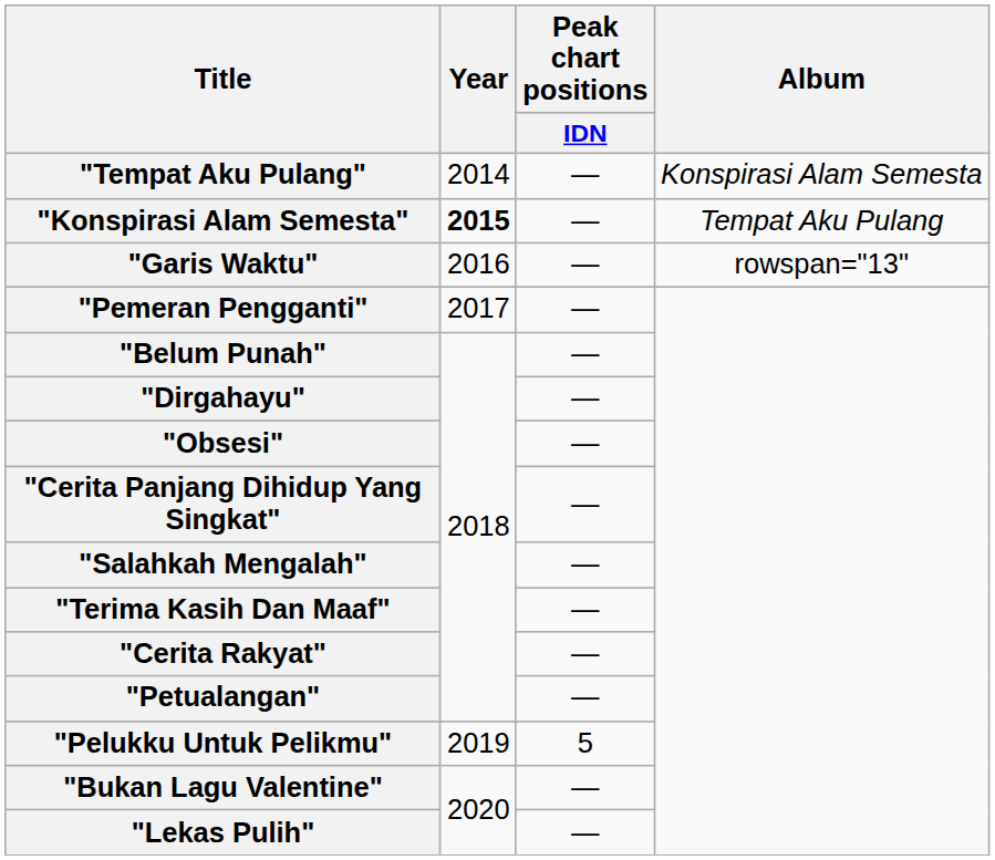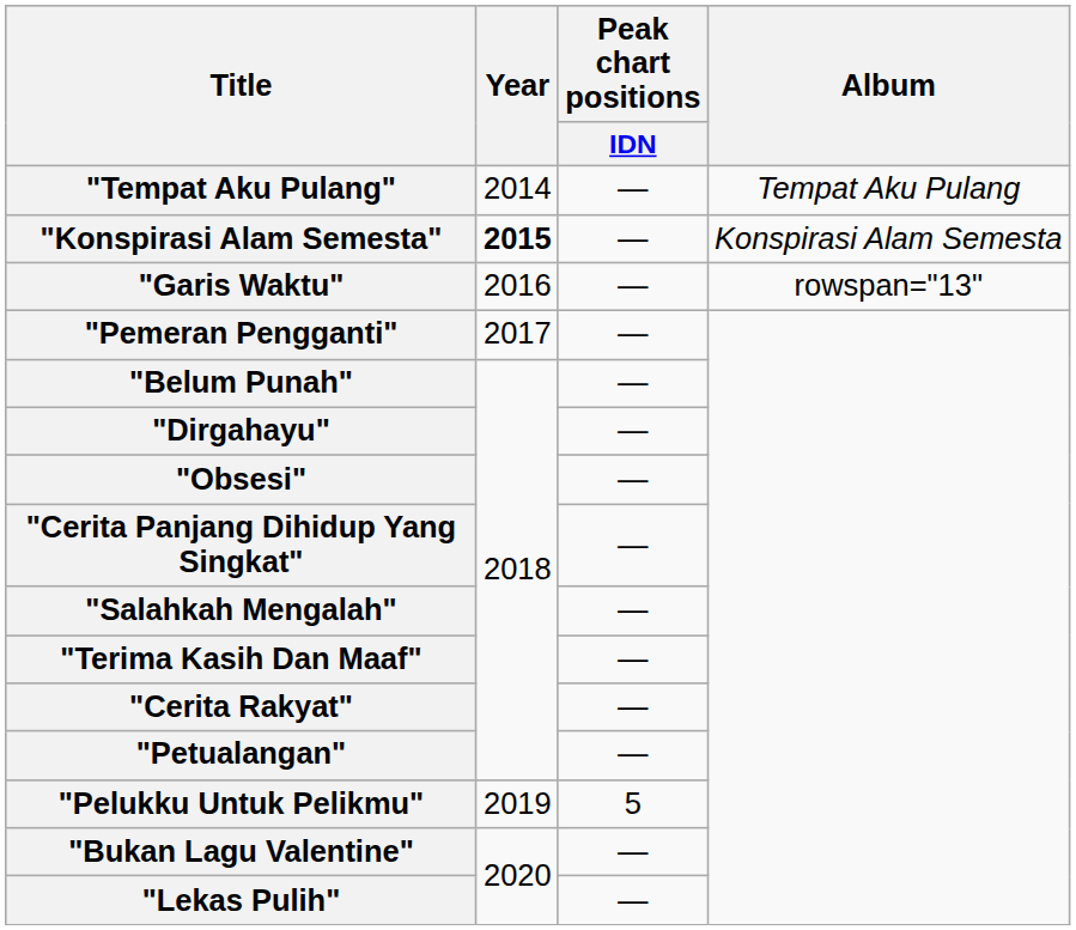 <table class="wikitable plainrowheaders" style="text-align:center;">
 <tr>
 <th scope="col" rowspan="2" style="width:15em;">Title</th>
 <th scope="col" rowspan="2" style="width:1em;">Year</th>
 <th scope="col" colspan="1">Peak chart positions</th>
 <th scope="col" rowspan="2">Album</th>
 </tr>
 <tr>
 <th scope="col" style="width:3em;font-size:90%;"><a href='#'>IDN</a><br></th>
 </tr>
 <tr>
 <th scope="row">"Tempat Aku Pulang"</th>
 <td>2014</td>
 <td>—</td>
-<td><em>Konspirasi Alam Semesta</em></td>
+<td><em>Tempat Aku Pulang</em></td>
 </tr>
 <tr>
 <th scope="row">"Konspirasi Alam Semesta"</th>
 <td><strong>2015</strong></td>
 <td>—</td>
-<td><em>Tempat Aku Pulang</em></td>
+<td><em>Konspirasi Alam Semesta</em></td>
 </tr>
 <tr>
 <th scope="row">"Garis Waktu"</th>
 <td>2016</td>
 <td>—</td>
 <td>rowspan="13" </td>
 </tr>
 <tr>
 <th scope="row">"Pemeran Pengganti"</th>
 <td>2017</td>
 <td>—</td>
 </tr>
 <tr>
 <th scope="row">"Belum Punah"</th>
 <td rowspan="8">2018</td>
 <td>—</td>
 </tr>
 <tr>
 <th scope="row">"Dirgahayu"</th>
 <td>—</td>
 </tr>
 <tr>
 <th scope="row">"Obsesi"</th>
 <td>—</td>
 </tr>
 <tr>
 <th scope="row">"Cerita Panjang Dihidup Yang Singkat"</th>
 <td>—</td>
 </tr>
 <tr>
 <th scope="row">"Salahkah Mengalah"</th>
 <td>—</td>
 </tr>
 <tr>
 <th scope="row">"Terima Kasih Dan Maaf"</th>
 <td>—</td>
 </tr>
 <tr>
 <th scope="row">"Cerita Rakyat"</th>
 <td>—</td>
 </tr>
 <tr>
 <th scope="row">"Petualangan"</th>
 <td>—</td>
 </tr>
 <tr>
 <th scope="row">"Pelukku Untuk Pelikmu"</th>
 <td>2019</td>
 <td>5</td>
 </tr>
 <tr>
 <th scope="row">"Bukan Lagu Valentine"</th>
 <td rowspan="2">2020</td>
 <td>—</td>
 </tr>
 <tr>
 <th scope="row">"Lekas Pulih"</th>
 <td>—</td>
 </tr>
 </table>
